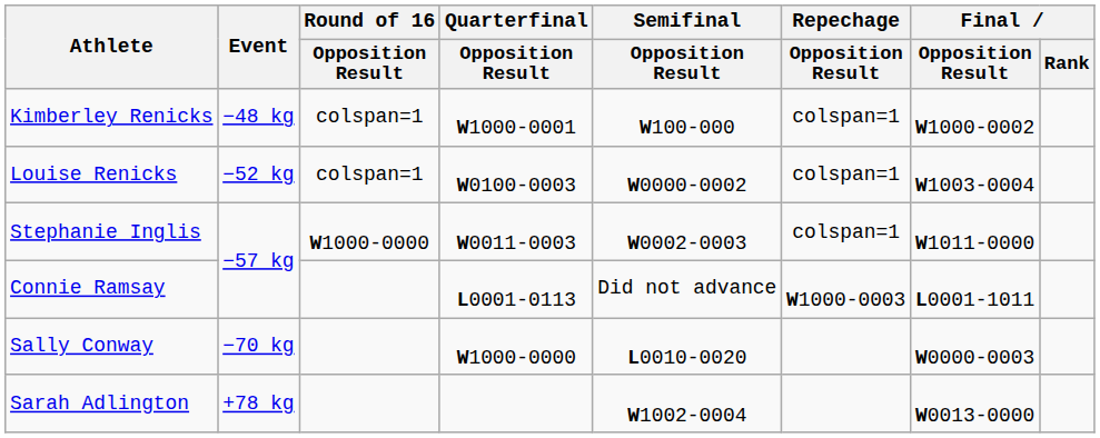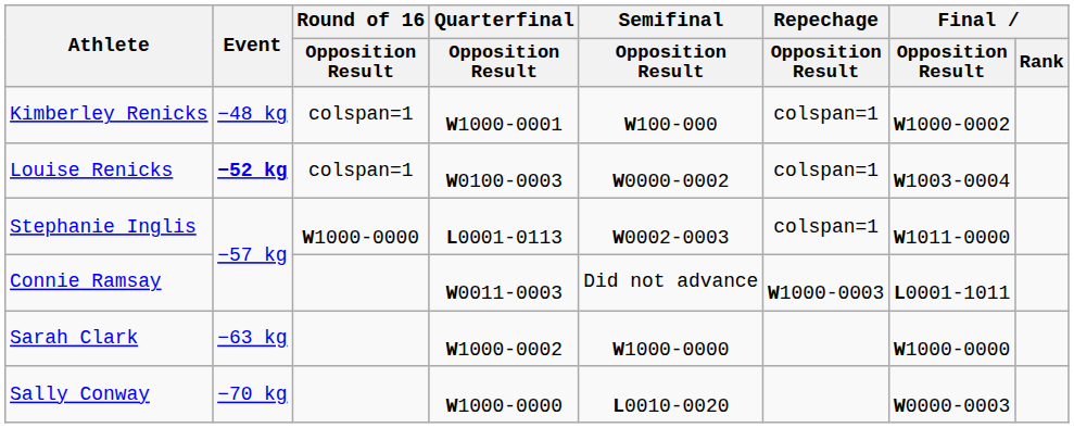 <table class="wikitable" style="font-size:90%">
 <tr>
 <th rowspan=2>Athlete</th>
 <th rowspan=2>Event</th>
 <th>Round of 16</th>
 <th>Quarterfinal</th>
 <th>Semifinal</th>
 <th>Repechage</th>
 <th colspan=2>Final / </th>
 </tr>
 <tr style="font-size: 95%">
 <th>Opposition<br>Result</th>
 <th>Opposition<br>Result</th>
 <th>Opposition<br>Result</th>
 <th>Opposition<br>Result</th>
 <th>Opposition<br>Result</th>
 <th>Rank</th>
 </tr>
 <tr align=center>
 <td align=left><a href='#'>Kimberley Renicks</a></td>
 <td align=left><a href='#'>−48 kg</a></td>
 <td>colspan=1 </td>
 <td><br><strong>W</strong>1000-0001</td>
 <td><br><strong>W</strong>100-000</td>
 <td>colspan=1 </td>
 <td><br><strong>W</strong>1000-0002</td>
 <td></td>
 </tr>
 <tr align=center>
 <td align=left><a href='#'>Louise Renicks</a></td>
-<td align=left><a href='#'>−52 kg</a></td>
+<td align=left><strong><a href='#'>−52 kg</a></strong></td>
 <td>colspan=1 </td>
 <td><br><strong>W</strong>0100-0003</td>
 <td><br><strong>W</strong>0000-0002</td>
 <td>colspan=1 </td>
 <td><br><strong>W</strong>1003-0004</td>
 <td></td>
 </tr>
 <tr align=center>
 <td align=left><a href='#'>Stephanie Inglis</a></td>
 <td align=left rowspan=2><a href='#'>−57 kg</a></td>
 <td><br><strong>W</strong>1000-0000</td>
-<td><br><strong>W</strong>0011-0003</td>
+<td><br><strong>L</strong>0001-0113</td>
 <td><br><strong>W</strong>0002-0003</td>
 <td>colspan=1 </td>
 <td><br><strong>W</strong>1011-0000</td>
 <td></td>
 </tr>
 <tr align=center>
 <td align=left><a href='#'>Connie Ramsay</a></td>
 <td></td>
-<td><br><strong>L</strong>0001-0113</td>
+<td><br><strong>W</strong>0011-0003</td>
 <td>Did not advance</td>
 <td><br><strong>W</strong>1000-0003</td>
 <td><br><strong>L</strong>0001-1011</td>
+<td></td>
+</tr>
+<tr align=center>
+<td align=left><a href='#'>Sarah Clark</a></td>
+<td align=left><a href='#'>−63 kg</a></td>
+<td></td>
+<td><br><strong>W</strong>1000-0002</td>
+<td><br><strong>W</strong>1000-0000</td>
+<td></td>
+<td><br><strong>W</strong>1000-0000</td>
 <td></td>
 </tr>
 <tr align=center>
 <td align=left><a href='#'>Sally Conway</a></td>
 <td align=left><a href='#'>−70 kg</a></td>
 <td></td>
 <td><br><strong>W</strong>1000-0000</td>
 <td><br><strong>L</strong>0010-0020</td>
 <td></td>
 <td><br><strong>W</strong>0000-0003</td>
 <td></td>
 </tr>
-<tr align=center>
-<td align=left><a href='#'>Sarah Adlington</a></td>
-<td align=left><a href='#'>+78 kg</a></td>
-<td></td>
-<td></td>
-<td><br><strong>W</strong>1002-0004</td>
-<td></td>
-<td><br><strong>W</strong>0013-0000</td>
-<td></td>
-</tr>
 </table>
